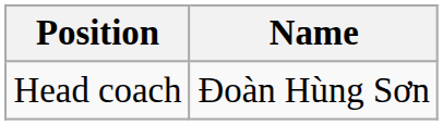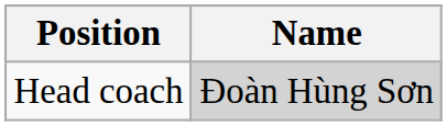 <table class="wikitable">
 <tr>
 <th>Position</th>
 <th>Name</th>
 </tr>
 <tr>
 <td>Head coach</td>
-<td> Đoàn Hùng Sơn</td>
+<td style="background: lightgrey;"> Đoàn Hùng Sơn</td>
 </tr>
 </table>
